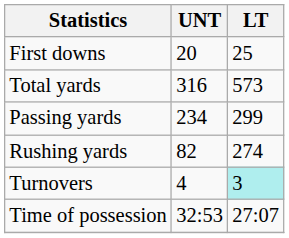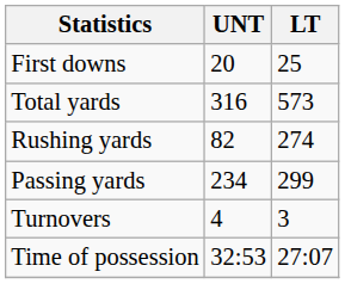 <table class="wikitable">
 <tr>
 <th>Statistics</th>
 <th>UNT</th>
 <th>LT</th>
 </tr>
 <tr>
 <td>First downs</td>
 <td>20</td>
 <td>25</td>
 </tr>
 <tr>
 <td>Total yards</td>
 <td>316</td>
 <td>573</td>
 </tr>
 <tr>
+<td>Rushing yards</td>
+<td>82</td>
+<td>274</td>
+</tr>
+<tr>
 <td>Passing yards</td>
 <td>234</td>
 <td>299</td>
 </tr>
 <tr>
-<td>Rushing yards</td>
-<td>82</td>
-<td>274</td>
-</tr>
-<tr>
 <td>Turnovers</td>
 <td>4</td>
-<td style="background: paleturquoise;">3</td>
+<td>3</td>
 </tr>
 <tr>
 <td>Time of possession</td>
 <td>32:53</td>
 <td>27:07</td>
 </tr>
 <tr>
 </tr>
 </table>
